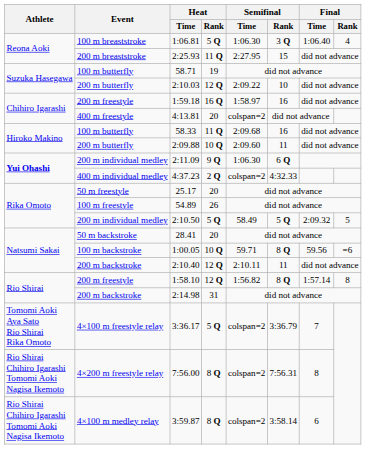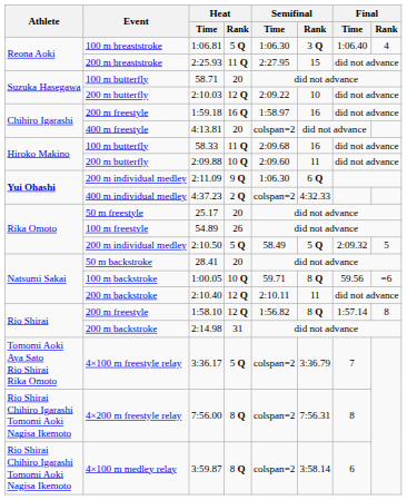 <table class="wikitable" style="text-align:center; font-size:90%">
 <tr>
 <th rowspan="2">Athlete</th>
 <th rowspan="2">Event</th>
 <th colspan="2">Heat</th>
 <th colspan="2">Semifinal</th>
 <th colspan="2">Final</th>
 </tr>
 <tr style="font-size:95%">
 <th>Time</th>
 <th>Rank</th>
 <th>Time</th>
 <th>Rank</th>
 <th>Time</th>
 <th>Rank</th>
 </tr>
 <tr>
 <td align=left rowspan=2><a href='#'>Reona Aoki</a></td>
 <td align=left><a href='#'>100 m breaststroke</a></td>
 <td>1:06.81</td>
 <td>5 <strong>Q</strong></td>
 <td>1:06.30</td>
 <td>3 <strong>Q</strong></td>
 <td>1:06.40</td>
 <td>4</td>
 </tr>
 <tr>
 <td align=left><a href='#'>200 m breaststroke</a></td>
 <td>2:25.93</td>
 <td>11 <strong>Q</strong></td>
 <td>2:27.95</td>
 <td>15</td>
 <td colspan=2>did not advance</td>
 </tr>
 <tr>
 <td align=left rowspan=2><a href='#'>Suzuka Hasegawa</a></td>
 <td align=left><a href='#'>100 m butterfly</a></td>
 <td>58.71</td>
-<td>19</td>
+<td>20</td>
 <td colspan=4>did not advance</td>
 </tr>
 <tr>
 <td align=left><a href='#'>200 m butterfly</a></td>
 <td>2:10.03</td>
 <td>12 <strong>Q</strong></td>
 <td>2:09.22</td>
 <td>10</td>
 <td colspan=2>did not advance</td>
 </tr>
 <tr>
 <td align=left rowspan=2><a href='#'>Chihiro Igarashi</a></td>
 <td align=left><a href='#'>200 m freestyle</a></td>
 <td>1:59.18</td>
 <td>16 <strong>Q</strong></td>
 <td>1:58.97</td>
 <td>16</td>
 <td colspan=2>did not advance</td>
 </tr>
 <tr>
 <td align=left><a href='#'>400 m freestyle</a></td>
 <td>4:13.81</td>
 <td>20</td>
 <td>colspan=2 </td>
 <td colspan=2>did not advance</td>
 </tr>
 <tr>
 <td align=left rowspan=2><a href='#'>Hiroko Makino</a></td>
 <td align=left><a href='#'>100 m butterfly</a></td>
 <td>58.33</td>
 <td>11 <strong>Q</strong></td>
 <td>2:09.68</td>
 <td>16</td>
 <td colspan=2>did not advance</td>
 </tr>
 <tr>
 <td align=left><a href='#'>200 m butterfly</a></td>
 <td>2:09.88</td>
 <td>10 <strong>Q</strong></td>
 <td>2:09.60</td>
 <td>11</td>
 <td colspan=2>did not advance</td>
 </tr>
 <tr>
 <td align=left rowspan=2><strong><a href='#'>Yui Ohashi</a></strong></td>
 <td align=left><a href='#'>200 m individual medley</a></td>
 <td>2:11.09</td>
 <td>9 <strong>Q</strong></td>
 <td>1:06.30</td>
 <td>6 <strong>Q</strong></td>
 <td colspan=2></td>
 </tr>
 <tr>
 <td align=left><a href='#'>400 m individual medley</a></td>
 <td>4:37.23</td>
 <td>2 <strong>Q</strong></td>
 <td>colspan=2 </td>
 <td>4:32.33</td>
 <td></td>
 </tr>
 <tr>
 <td align=left rowspan=3><a href='#'>Rika Omoto</a></td>
 <td align=left><a href='#'>50 m freestyle</a></td>
 <td>25.17</td>
 <td>20</td>
 <td colspan=4>did not advance</td>
 </tr>
 <tr>
 <td align=left><a href='#'>100 m freestyle</a></td>
 <td>54.89</td>
 <td>26</td>
 <td colspan=4>did not advance</td>
 </tr>
 <tr>
 <td align=left><a href='#'>200 m individual medley</a></td>
 <td>2:10.50</td>
 <td>5 <strong>Q</strong></td>
 <td>58.49</td>
 <td>5 <strong>Q</strong></td>
 <td>2:09.32</td>
 <td>5</td>
 </tr>
 <tr>
 <td align=left rowspan=3><a href='#'>Natsumi Sakai</a></td>
 <td align=left><a href='#'>50 m backstroke</a></td>
 <td>28.41</td>
 <td>20</td>
 <td colspan=4>did not advance</td>
 </tr>
 <tr>
 <td align=left><a href='#'>100 m backstroke</a></td>
 <td>1:00.05</td>
 <td>10 <strong>Q</strong></td>
 <td>59.71</td>
 <td>8 <strong>Q</strong></td>
 <td>59.56</td>
 <td>=6</td>
 </tr>
 <tr>
 <td align=left><a href='#'>200 m backstroke</a></td>
 <td>2:10.40</td>
 <td>12 <strong>Q</strong></td>
 <td>2:10.11</td>
 <td>11</td>
 <td colspan=2>did not advance</td>
 </tr>
 <tr>
 <td align=left rowspan=2><a href='#'>Rio Shirai</a></td>
 <td align=left><a href='#'>200 m freestyle</a></td>
 <td>1:58.10</td>
 <td>12 <strong>Q</strong></td>
 <td>1:56.82</td>
 <td>8 <strong>Q</strong></td>
 <td>1:57.14</td>
 <td>8</td>
 </tr>
 <tr>
 <td align=left><a href='#'>200 m backstroke</a></td>
 <td>2:14.98</td>
 <td>31</td>
 <td colspan=4>did not advance</td>
 </tr>
 <tr>
 <td align=left><a href='#'>Tomomi Aoki</a><br><a href='#'>Aya Sato</a><br><a href='#'>Rio Shirai</a><br><a href='#'>Rika Omoto</a></td>
 <td align=left><a href='#'>4×100 m freestyle relay</a></td>
 <td>3:36.17</td>
 <td>5 <strong>Q</strong></td>
 <td>colspan=2 </td>
 <td>3:36.79</td>
 <td>7</td>
 </tr>
 <tr>
 <td align=left><a href='#'>Rio Shirai</a><br><a href='#'>Chihiro Igarashi</a><br><a href='#'>Tomomi Aoki</a><br><a href='#'>Nagisa Ikemoto</a></td>
 <td align=left><a href='#'>4×200 m freestyle relay</a></td>
 <td>7:56.00</td>
 <td>8 <strong>Q</strong></td>
 <td>colspan=2 </td>
 <td>7:56.31</td>
 <td>8</td>
 </tr>
 <tr>
 <td align=left><a href='#'>Rio Shirai</a><br><a href='#'>Chihiro Igarashi</a><br><a href='#'>Tomomi Aoki</a><br><a href='#'>Nagisa Ikemoto</a></td>
 <td align=left><a href='#'>4×100 m medley relay</a></td>
 <td>3:59.87</td>
 <td>8 <strong>Q</strong></td>
 <td>colspan=2 </td>
 <td>3:58.14</td>
 <td>6</td>
 </tr>
 </table>
